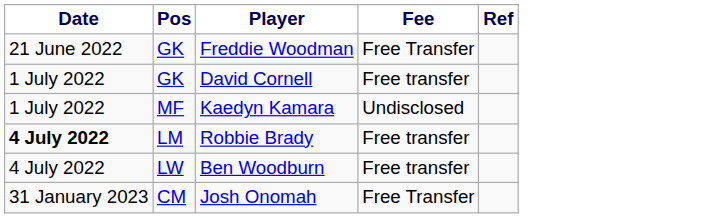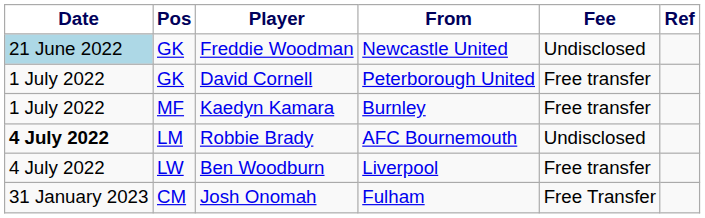 <table class="wikitable plainrowheaders sortable">
 <tr>
 <th style="background:#FFFFFF; color:#00005a; ">Date</th>
 <th style="background:#FFFFFF; color:#00005a; ">Pos</th>
 <th style="background:#FFFFFF; color:#00005a; ">Player</th>
+<th style="background:#FFFFFF; color:#00005a; ">From</th>
 <th style="background:#FFFFFF; color:#00005a; ">Fee</th>
 <th style="background:#FFFFFF; color:#00005a; ">Ref</th>
 </tr>
 <tr>
-<td>21 June 2022</td>
+<td style="background: lightblue;">21 June 2022</td>
 <td><a href='#'>GK</a></td>
 <td> <a href='#'>Freddie Woodman</a></td>
-<td>Free Transfer</td>
+<td> <a href='#'>Newcastle United</a></td>
+<td>Undisclosed</td>
 <td></td>
 </tr>
 <tr>
 <td>1 July 2022</td>
 <td><a href='#'>GK</a></td>
 <td> <a href='#'>David Cornell</a></td>
+<td> <a href='#'>Peterborough United</a></td>
 <td>Free transfer</td>
 <td></td>
 </tr>
 <tr>
 <td>1 July 2022</td>
 <td><a href='#'>MF</a></td>
 <td> <a href='#'>Kaedyn Kamara</a></td>
-<td>Undisclosed</td>
+<td> <a href='#'>Burnley</a></td>
+<td>Free transfer</td>
 <td></td>
 </tr>
 <tr>
 <td><strong>4 July 2022</strong></td>
 <td><a href='#'>LM</a></td>
 <td> <a href='#'>Robbie Brady</a></td>
-<td>Free transfer</td>
+<td> <a href='#'>AFC Bournemouth</a></td>
+<td>Undisclosed</td>
 <td></td>
 </tr>
 <tr>
 <td>4 July 2022</td>
 <td><a href='#'>LW</a></td>
 <td> <a href='#'>Ben Woodburn</a></td>
+<td> <a href='#'>Liverpool</a></td>
 <td>Free transfer</td>
 <td></td>
 </tr>
 <tr>
 <td>31 January 2023</td>
 <td><a href='#'>CM</a></td>
 <td> <a href='#'>Josh Onomah</a></td>
+<td> <a href='#'>Fulham</a></td>
 <td>Free Transfer</td>
 <td></td>
 </tr>
 </table>
